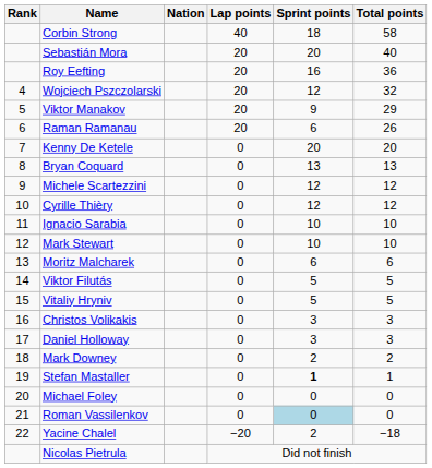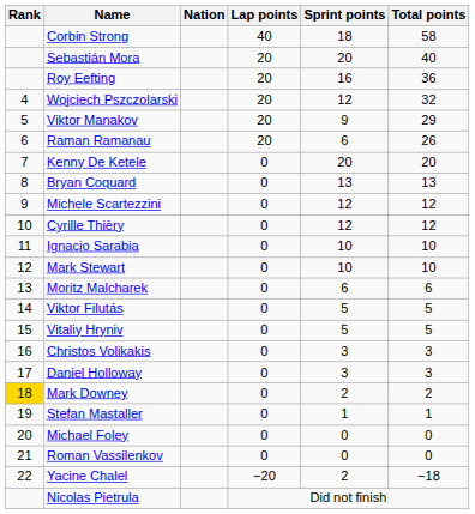 <table class="wikitable sortable" style="text-align:center">
 <tr>
 <th>Rank</th>
 <th>Name</th>
 <th>Nation</th>
 <th>Lap points</th>
 <th>Sprint points</th>
 <th>Total points</th>
 </tr>
 <tr>
 <td></td>
 <td align=left><a href='#'>Corbin Strong</a></td>
 <td align=left></td>
 <td>40</td>
 <td>18</td>
 <td>58</td>
 </tr>
 <tr>
 <td></td>
 <td align=left><a href='#'>Sebastián Mora</a></td>
 <td align=left></td>
 <td>20</td>
 <td>20</td>
 <td>40</td>
 </tr>
 <tr>
 <td></td>
 <td align=left><a href='#'>Roy Eefting</a></td>
 <td align=left></td>
 <td>20</td>
 <td>16</td>
 <td>36</td>
 </tr>
 <tr>
 <td>4</td>
 <td align=left><a href='#'>Wojciech Pszczolarski</a></td>
 <td align=left></td>
 <td>20</td>
 <td>12</td>
 <td>32</td>
 </tr>
 <tr>
 <td>5</td>
 <td align=left><a href='#'>Viktor Manakov</a></td>
 <td align=left></td>
 <td>20</td>
 <td>9</td>
 <td>29</td>
 </tr>
 <tr>
 <td>6</td>
 <td align=left><a href='#'>Raman Ramanau</a></td>
 <td align=left></td>
 <td>20</td>
 <td>6</td>
 <td>26</td>
 </tr>
 <tr>
 <td>7</td>
 <td align=left><a href='#'>Kenny De Ketele</a></td>
 <td align=left></td>
 <td>0</td>
 <td>20</td>
 <td>20</td>
 </tr>
 <tr>
 <td>8</td>
 <td align=left><a href='#'>Bryan Coquard</a></td>
 <td align=left></td>
 <td>0</td>
 <td>13</td>
 <td>13</td>
 </tr>
 <tr>
 <td>9</td>
 <td align=left><a href='#'>Michele Scartezzini</a></td>
 <td align=left></td>
 <td>0</td>
 <td>12</td>
 <td>12</td>
 </tr>
 <tr>
 <td>10</td>
 <td align=left><a href='#'>Cyrille Thièry</a></td>
 <td align=left></td>
 <td>0</td>
 <td>12</td>
 <td>12</td>
 </tr>
 <tr>
 <td>11</td>
 <td align=left><a href='#'>Ignacio Sarabia</a></td>
 <td align=left></td>
 <td>0</td>
 <td>10</td>
 <td>10</td>
 </tr>
 <tr>
 <td>12</td>
 <td align=left><a href='#'>Mark Stewart</a></td>
 <td align=left></td>
 <td>0</td>
 <td>10</td>
 <td>10</td>
 </tr>
 <tr>
 <td>13</td>
 <td align=left><a href='#'>Moritz Malcharek</a></td>
 <td align=left></td>
 <td>0</td>
 <td>6</td>
 <td>6</td>
 </tr>
 <tr>
 <td>14</td>
 <td align=left><a href='#'>Viktor Filutás</a></td>
 <td align=left></td>
 <td>0</td>
 <td>5</td>
 <td>5</td>
 </tr>
 <tr>
 <td>15</td>
 <td align=left><a href='#'>Vitaliy Hryniv</a></td>
 <td align=left></td>
 <td>0</td>
 <td>5</td>
 <td>5</td>
 </tr>
 <tr>
 <td>16</td>
 <td align=left><a href='#'>Christos Volikakis</a></td>
 <td align=left></td>
 <td>0</td>
 <td>3</td>
 <td>3</td>
 </tr>
 <tr>
 <td>17</td>
 <td align=left><a href='#'>Daniel Holloway</a></td>
 <td align=left></td>
 <td>0</td>
 <td>3</td>
 <td>3</td>
 </tr>
 <tr>
-<td>18</td>
+<td style="background: gold;">18</td>
 <td align=left><a href='#'>Mark Downey</a></td>
 <td align=left></td>
 <td>0</td>
 <td>2</td>
 <td>2</td>
 </tr>
 <tr>
 <td>19</td>
 <td align=left><a href='#'>Stefan Mastaller</a></td>
 <td align=left></td>
 <td>0</td>
-<td><strong>1</strong></td>
+<td>1</td>
 <td>1</td>
 </tr>
 <tr>
 <td>20</td>
 <td align=left><a href='#'>Michael Foley</a></td>
 <td align=left></td>
 <td>0</td>
 <td>0</td>
 <td>0</td>
 </tr>
 <tr>
 <td>21</td>
 <td align=left><a href='#'>Roman Vassilenkov</a></td>
 <td align=left></td>
 <td>0</td>
-<td style="background: lightblue;">0</td>
+<td>0</td>
 <td>0</td>
 </tr>
 <tr>
 <td>22</td>
 <td align=left><a href='#'>Yacine Chalel</a></td>
 <td align=left></td>
 <td>−20</td>
 <td>2</td>
 <td>−18</td>
 </tr>
 <tr>
 <td></td>
 <td align=left><a href='#'>Nicolas Pietrula</a></td>
 <td align=left></td>
 <td colspan=3>Did not finish</td>
 </tr>
 </table>
